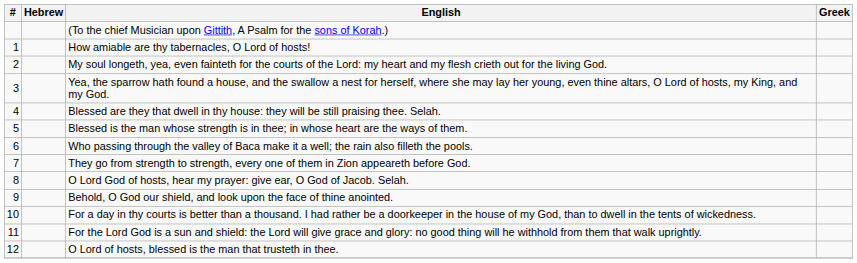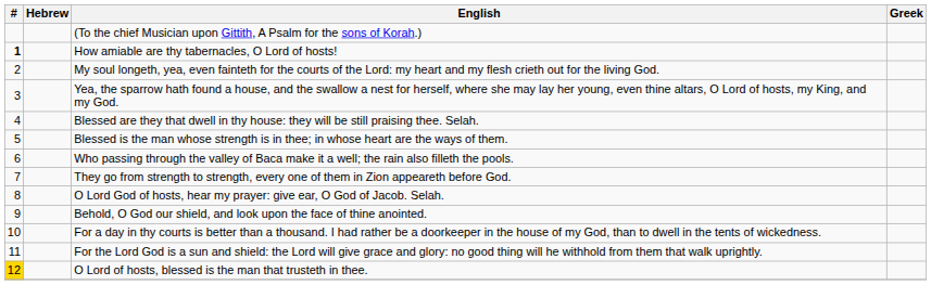 <table class=wikitable>
 <tr>
 <th>#</th>
 <th>Hebrew</th>
 <th>English</th>
 <th>Greek</th>
 </tr>
 <tr>
 <td style="text-align:right"></td>
 <td style="text-align:right"></td>
 <td>(To the chief Musician upon <a href='#'>Gittith</a>, A Psalm for the <a href='#'>sons of Korah</a>.)</td>
 <td></td>
 </tr>
 <tr>
-<td style="text-align:right">1</td>
+<td style="text-align:right"><strong>1</strong></td>
 <td style="text-align:right"></td>
 <td>How amiable are thy tabernacles, O Lord of hosts!</td>
 <td></td>
 </tr>
 <tr>
 <td style="text-align:right">2</td>
 <td style="text-align:right"></td>
 <td>My soul longeth, yea, even fainteth for the courts of the Lord: my heart and my flesh crieth out for the living God.</td>
 <td></td>
 </tr>
 <tr>
 <td style="text-align:right">3</td>
 <td style="text-align:right"></td>
 <td>Yea, the sparrow hath found a house, and the swallow a nest for herself, where she may lay her young, even thine altars, O Lord of hosts, my King, and my God.</td>
 <td></td>
 </tr>
 <tr>
 <td style="text-align:right">4</td>
 <td style="text-align:right"></td>
 <td>Blessed are they that dwell in thy house: they will be still praising thee. Selah.</td>
 <td></td>
 </tr>
 <tr>
 <td style="text-align:right">5</td>
 <td style="text-align:right"></td>
 <td>Blessed is the man whose strength is in thee; in whose heart are the ways of them.</td>
 <td></td>
 </tr>
 <tr>
 <td style="text-align:right">6</td>
 <td style="text-align:right"></td>
 <td>Who passing through the valley of Baca make it a well; the rain also filleth the pools.</td>
 <td></td>
 </tr>
 <tr>
 <td style="text-align:right">7</td>
 <td style="text-align:right"></td>
 <td>They go from strength to strength, every one of them in Zion appeareth before God.</td>
 <td></td>
 </tr>
 <tr>
 <td style="text-align:right">8</td>
 <td style="text-align:right"></td>
 <td>O Lord God of hosts, hear my prayer: give ear, O God of Jacob. Selah.</td>
 <td></td>
 </tr>
 <tr>
 <td style="text-align:right">9</td>
 <td style="text-align:right"></td>
 <td>Behold, O God our shield, and look upon the face of thine anointed.</td>
 <td></td>
 </tr>
 <tr>
 <td style="text-align:right">10</td>
 <td style="text-align:right"></td>
 <td>For a day in thy courts is better than a thousand. I had rather be a doorkeeper in the house of my God, than to dwell in the tents of wickedness.</td>
 <td></td>
 </tr>
 <tr>
 <td style="text-align:right">11</td>
 <td style="text-align:right"></td>
 <td>For the Lord God is a sun and shield: the Lord will give grace and glory: no good thing will he withhold from them that walk uprightly.</td>
 <td></td>
 </tr>
 <tr>
-<td style="text-align:right">12</td>
+<td style="background: gold; text-align:right">12</td>
 <td style="text-align:right"></td>
 <td>O Lord of hosts, blessed is the man that trusteth in thee.</td>
 <td></td>
 </tr>
 <tr>
 </tr>
 </table>
